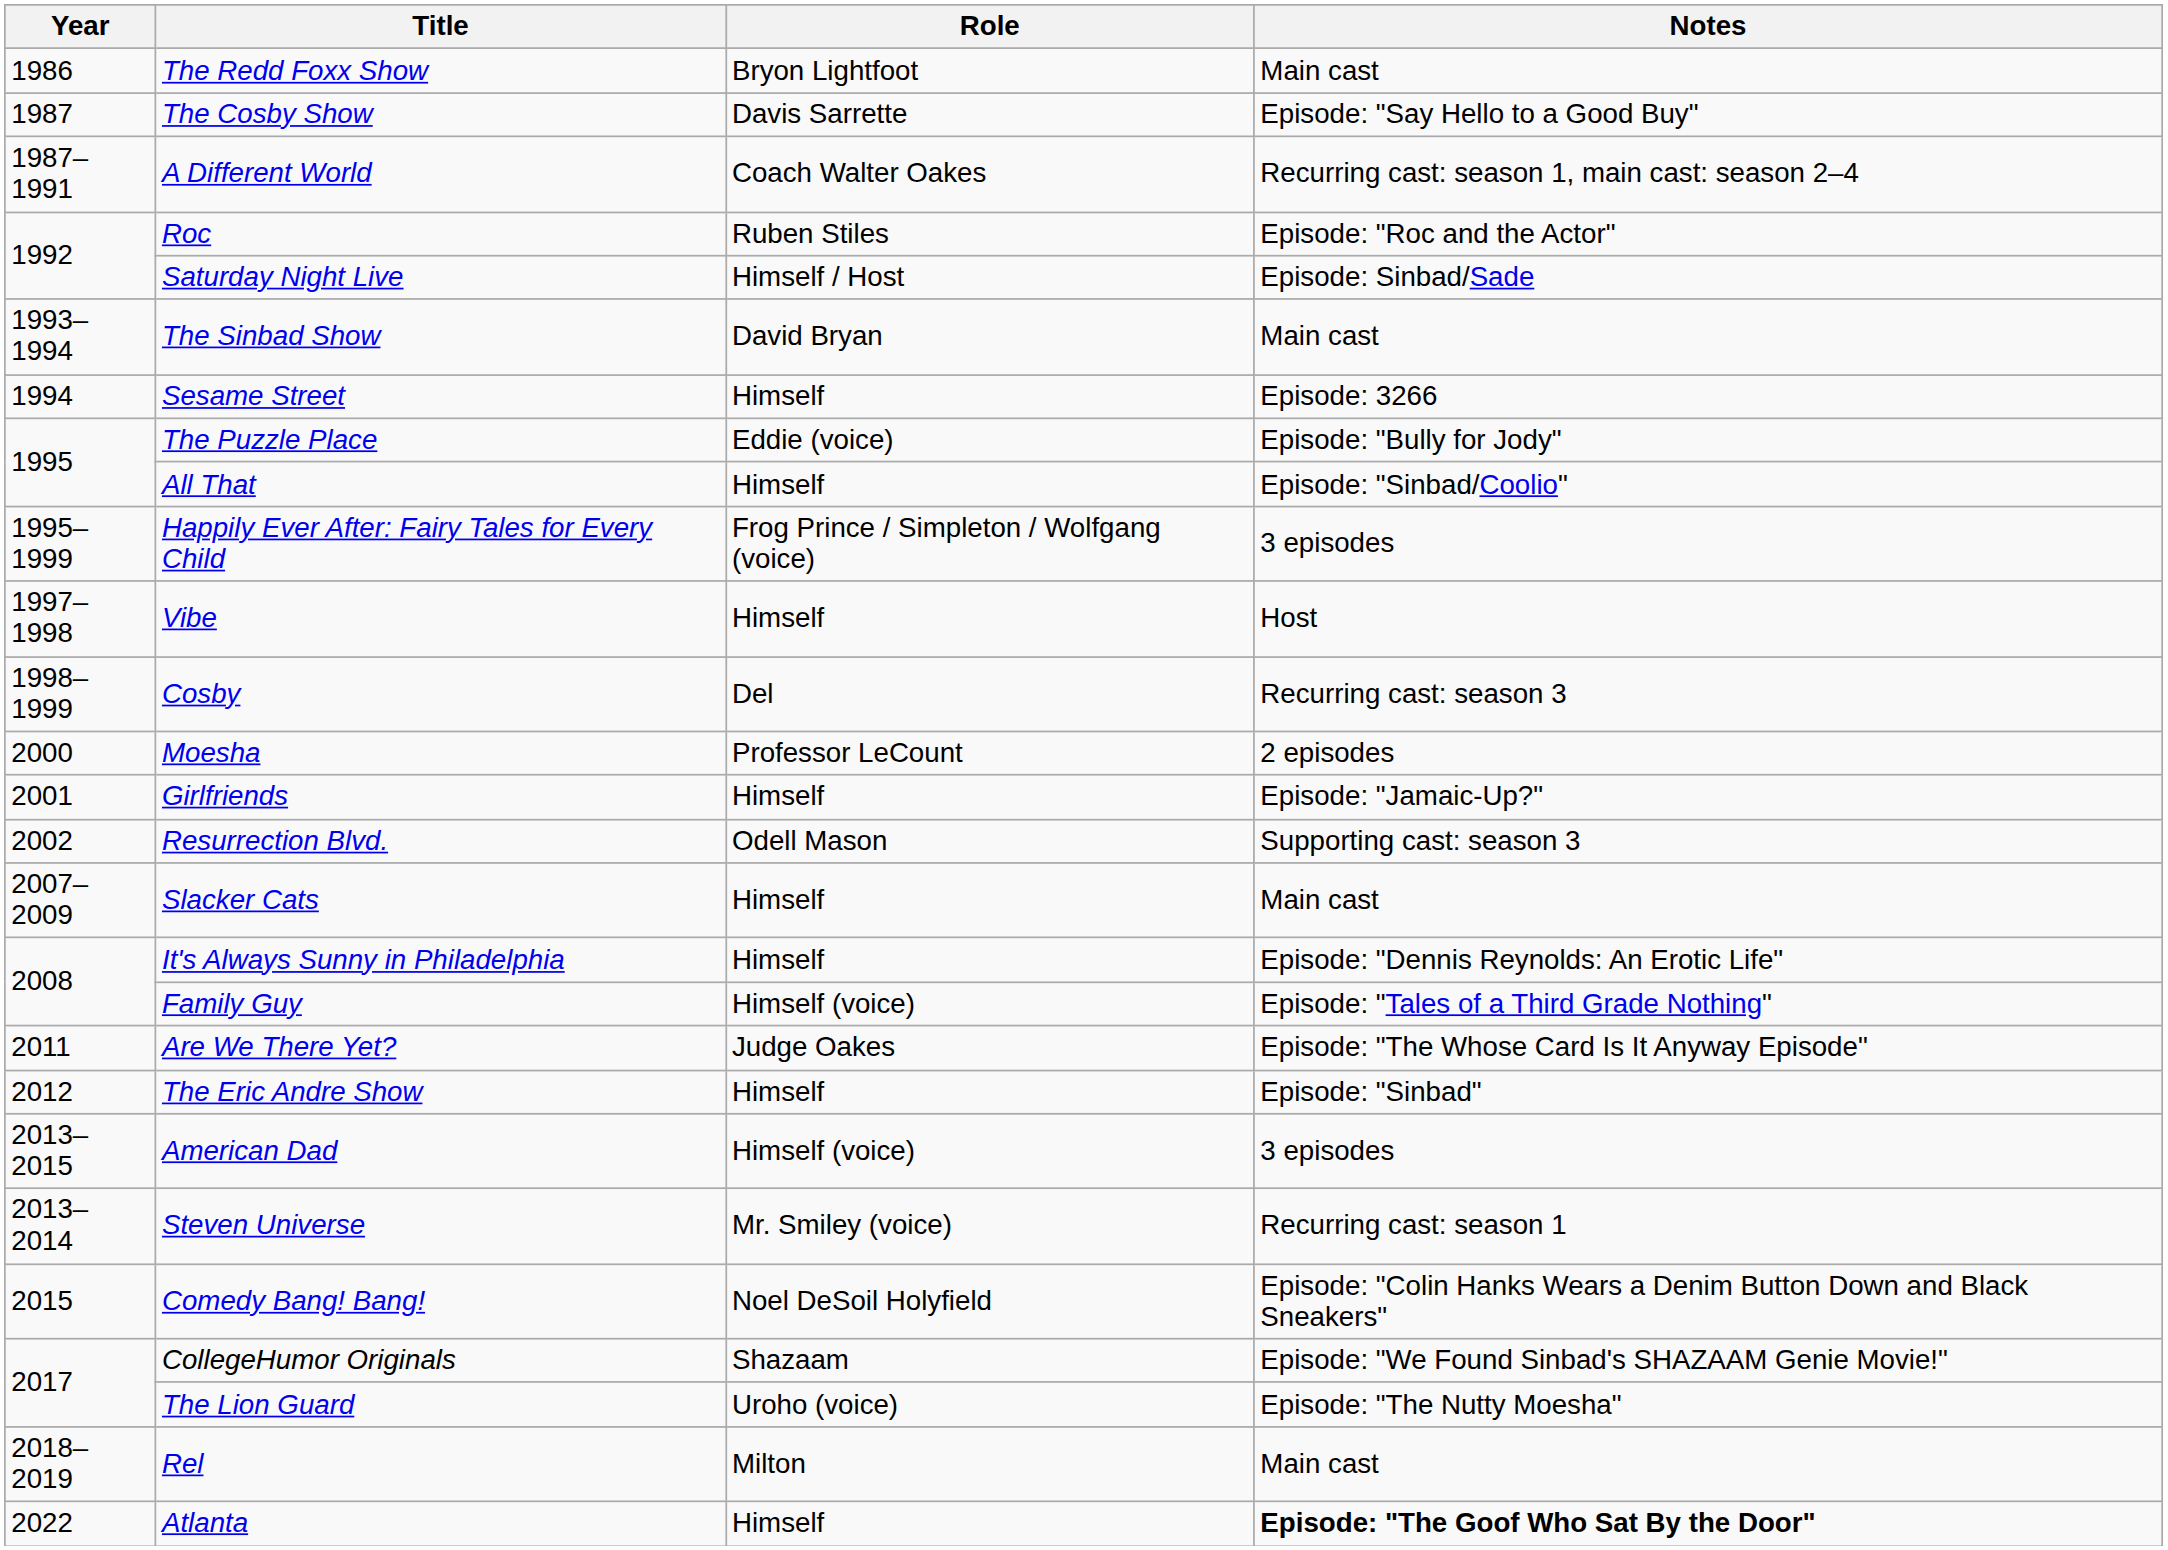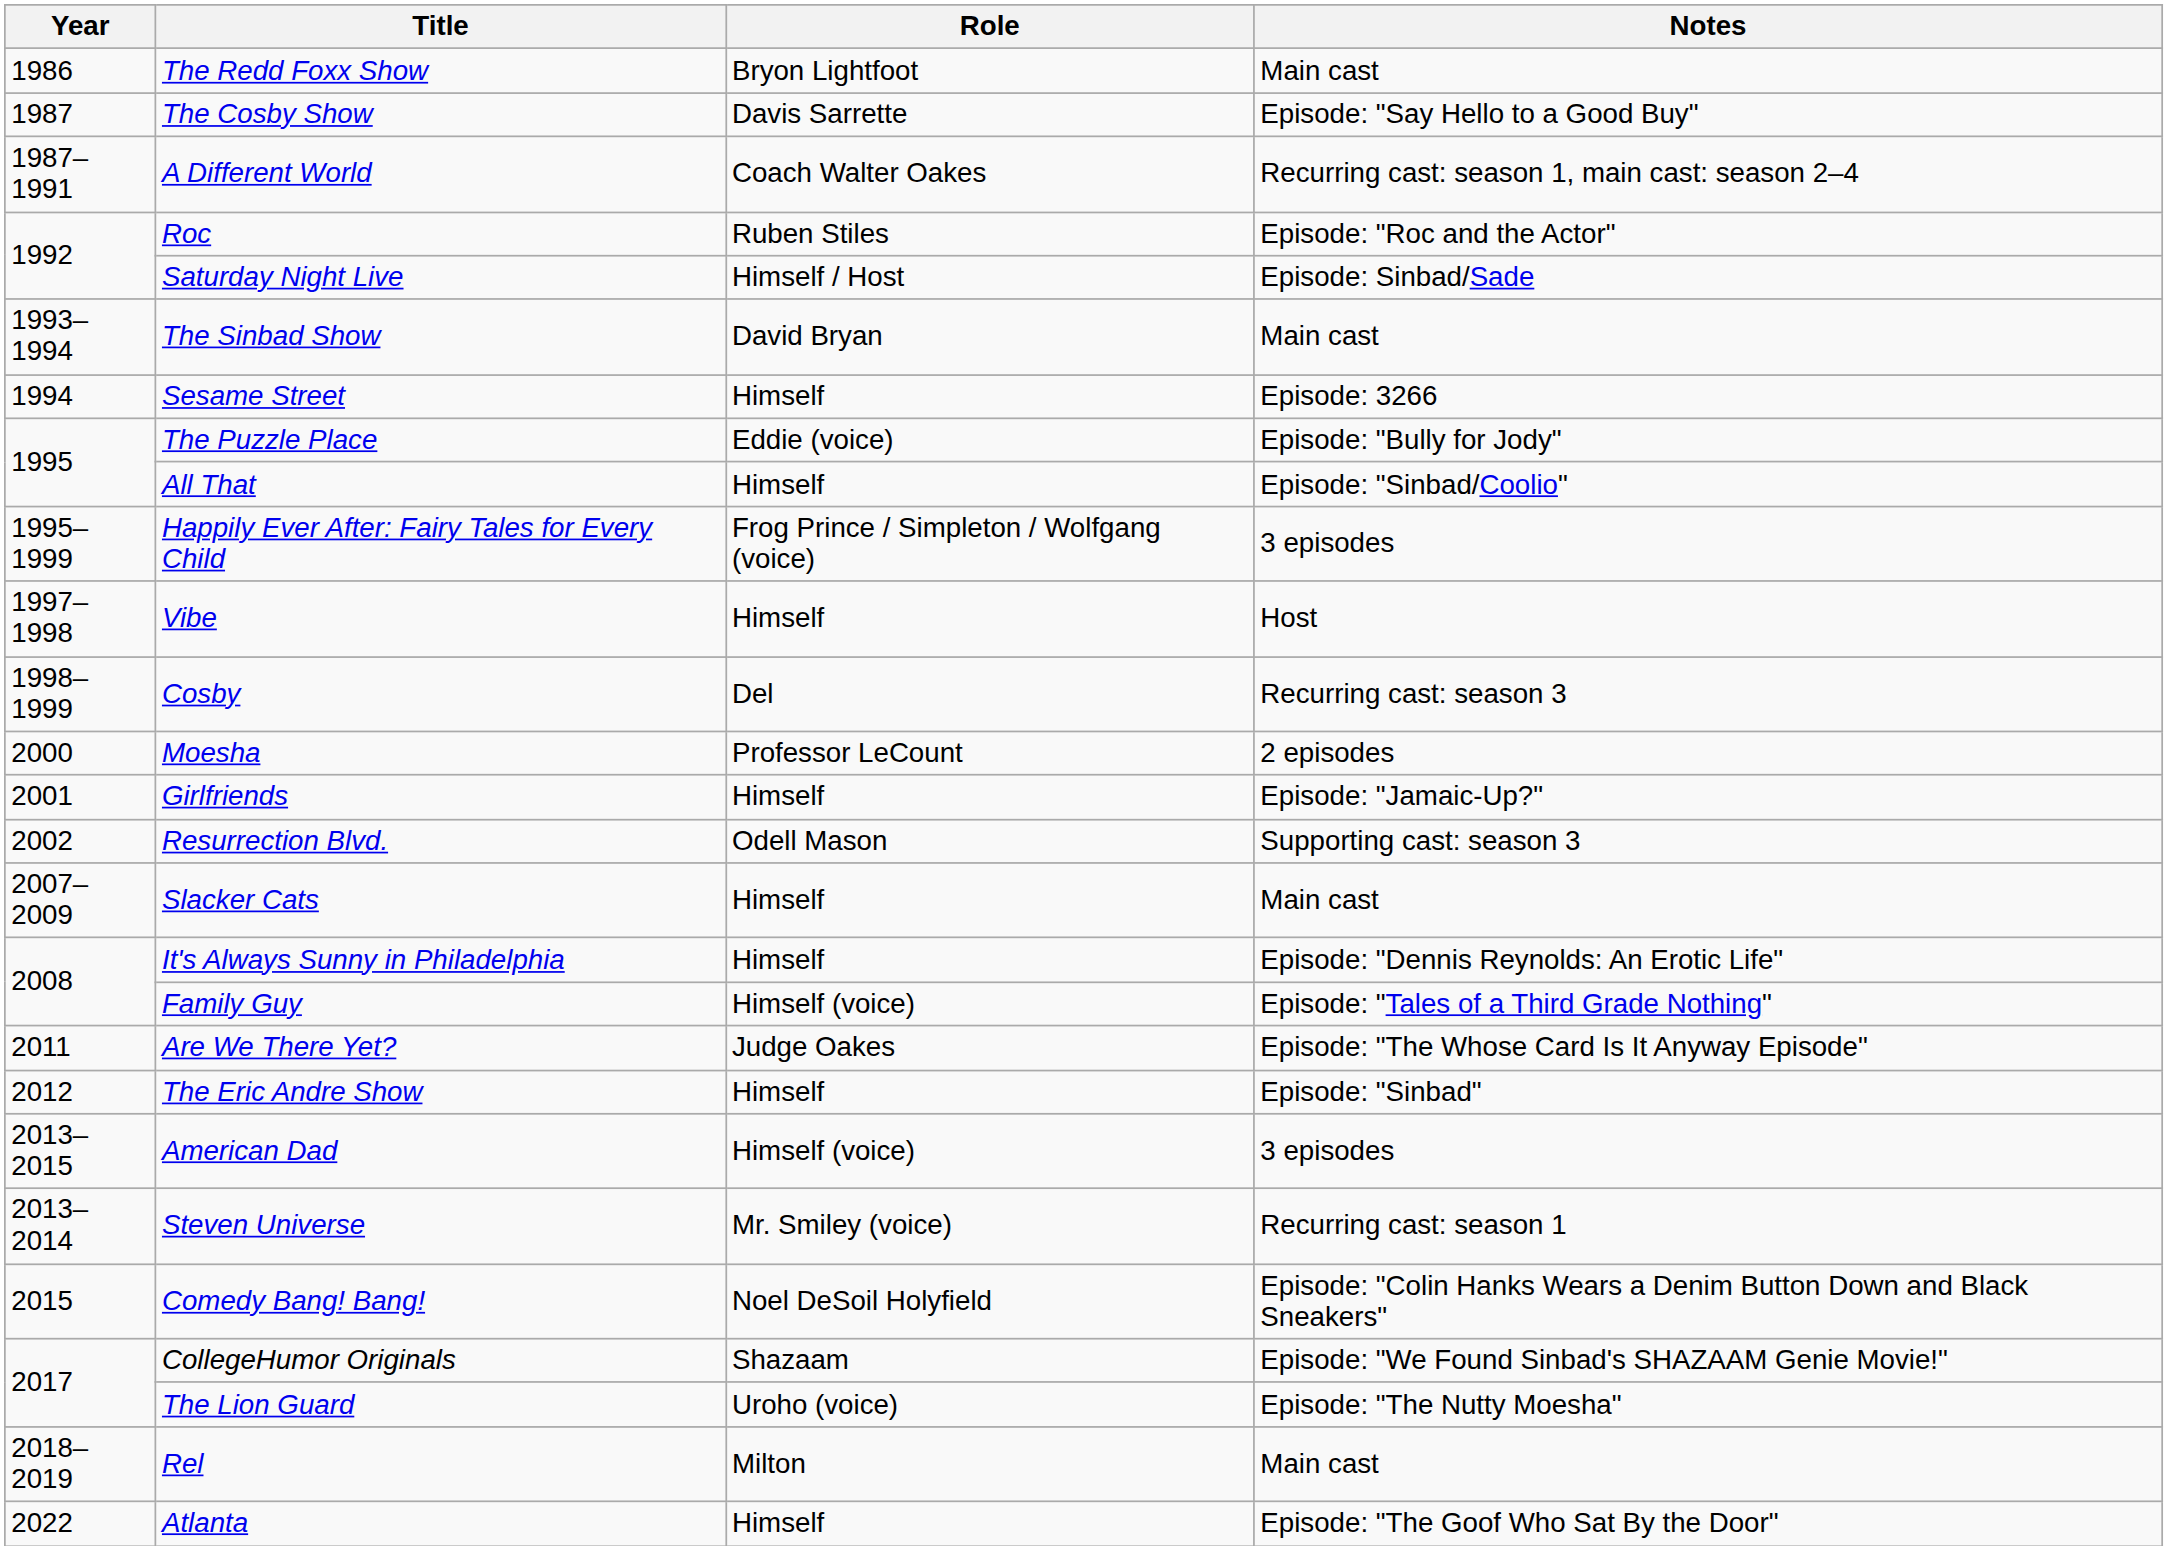 <table class="wikitable sortable">
 <tr>
 <th>Year</th>
 <th>Title</th>
 <th>Role</th>
 <th class="unsortable">Notes</th>
 </tr>
 <tr>
 <td>1986</td>
 <td><em><a href='#'>The Redd Foxx Show</a></em></td>
 <td>Bryon Lightfoot</td>
 <td>Main cast</td>
 </tr>
 <tr>
 <td>1987</td>
 <td><em><a href='#'>The Cosby Show</a></em></td>
 <td>Davis Sarrette</td>
 <td>Episode: "Say Hello to a Good Buy"</td>
 </tr>
 <tr>
 <td>1987–1991</td>
 <td><em><a href='#'>A Different World</a></em></td>
 <td>Coach Walter Oakes</td>
 <td>Recurring cast: season 1, main cast: season 2–4</td>
 </tr>
 <tr>
 <td rowspan="2">1992</td>
 <td><em><a href='#'>Roc</a></em></td>
 <td>Ruben Stiles</td>
 <td>Episode: "Roc and the Actor"</td>
 </tr>
 <tr>
 <td><em><a href='#'>Saturday Night Live</a></em></td>
 <td>Himself / Host</td>
 <td>Episode: Sinbad/<a href='#'>Sade</a></td>
 </tr>
 <tr>
 <td>1993–1994</td>
 <td><em><a href='#'>The Sinbad Show</a></em></td>
 <td>David Bryan</td>
 <td>Main cast</td>
 </tr>
 <tr>
 <td>1994</td>
 <td><em><a href='#'>Sesame Street</a></em></td>
 <td>Himself</td>
 <td>Episode: 3266</td>
 </tr>
 <tr>
 <td rowspan="2">1995</td>
 <td><em><a href='#'>The Puzzle Place</a></em></td>
 <td>Eddie (voice)</td>
 <td>Episode: "Bully for Jody"</td>
 </tr>
 <tr>
 <td><em><a href='#'>All That</a></em></td>
 <td>Himself</td>
 <td>Episode: "Sinbad/<a href='#'>Coolio</a>"</td>
 </tr>
 <tr>
 <td>1995–1999</td>
 <td><em><a href='#'>Happily Ever After: Fairy Tales for Every Child</a></em></td>
 <td>Frog Prince / Simpleton / Wolfgang (voice)</td>
 <td>3 episodes</td>
 </tr>
 <tr>
 <td>1997–1998</td>
 <td><em><a href='#'>Vibe</a></em></td>
 <td>Himself</td>
 <td>Host</td>
 </tr>
 <tr>
 <td>1998–1999</td>
 <td><em><a href='#'>Cosby</a></em></td>
 <td>Del</td>
 <td>Recurring cast: season 3</td>
 </tr>
 <tr>
 <td>2000</td>
 <td><em><a href='#'>Moesha</a></em></td>
 <td>Professor LeCount</td>
 <td>2 episodes</td>
 </tr>
 <tr>
 <td>2001</td>
 <td><em><a href='#'>Girlfriends</a></em></td>
 <td>Himself</td>
 <td>Episode: "Jamaic-Up?"</td>
 </tr>
 <tr>
 <td>2002</td>
 <td><em><a href='#'>Resurrection Blvd.</a></em></td>
 <td>Odell Mason</td>
 <td>Supporting cast: season 3</td>
 </tr>
 <tr>
 <td>2007–2009</td>
 <td><em><a href='#'>Slacker Cats</a></em></td>
 <td>Himself</td>
 <td>Main cast</td>
 </tr>
 <tr>
 <td rowspan="2">2008</td>
 <td><em><a href='#'>It's Always Sunny in Philadelphia</a></em></td>
 <td>Himself</td>
 <td>Episode: "Dennis Reynolds: An Erotic Life"</td>
 </tr>
 <tr>
 <td><em><a href='#'>Family Guy</a></em></td>
 <td>Himself (voice)</td>
 <td>Episode: "<a href='#'>Tales of a Third Grade Nothing</a>"</td>
 </tr>
 <tr>
 <td>2011</td>
 <td><em><a href='#'>Are We There Yet?</a></em></td>
 <td>Judge Oakes</td>
 <td>Episode: "The Whose Card Is It Anyway Episode"</td>
 </tr>
 <tr>
 <td>2012</td>
 <td><em><a href='#'>The Eric Andre Show</a></em></td>
 <td>Himself</td>
 <td>Episode: "Sinbad"</td>
 </tr>
 <tr>
 <td>2013–2015</td>
 <td><em><a href='#'>American Dad</a></em></td>
 <td>Himself (voice)</td>
 <td>3 episodes</td>
 </tr>
 <tr>
 <td>2013–2014</td>
 <td><em><a href='#'>Steven Universe</a></em></td>
 <td>Mr. Smiley (voice)</td>
 <td>Recurring cast: season 1</td>
 </tr>
 <tr>
 <td>2015</td>
 <td><em><a href='#'>Comedy Bang! Bang!</a></em></td>
 <td>Noel DeSoil Holyfield</td>
 <td>Episode: "Colin Hanks Wears a Denim Button Down and Black Sneakers"</td>
 </tr>
 <tr>
 <td rowspan="2">2017</td>
 <td><em>CollegeHumor Originals</em></td>
 <td>Shazaam</td>
 <td>Episode: "We Found Sinbad's SHAZAAM Genie Movie!"</td>
 </tr>
 <tr>
 <td><em><a href='#'>The Lion Guard</a></em></td>
 <td>Uroho (voice)</td>
 <td>Episode: "The Nutty Moesha"</td>
 </tr>
 <tr>
 <td>2018–2019</td>
 <td><em><a href='#'>Rel</a></em></td>
 <td>Milton</td>
 <td>Main cast</td>
 </tr>
 <tr>
 <td>2022</td>
 <td><em><a href='#'>Atlanta</a></em></td>
 <td>Himself</td>
-<td><strong>Episode: "The Goof Who Sat By the Door"</strong></td>
+<td>Episode: "The Goof Who Sat By the Door"</td>
 </tr>
 </table>
